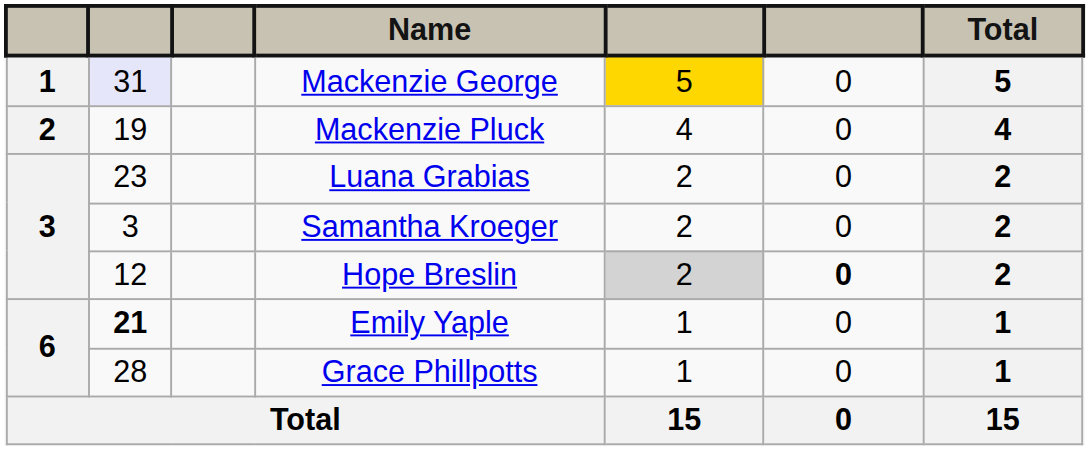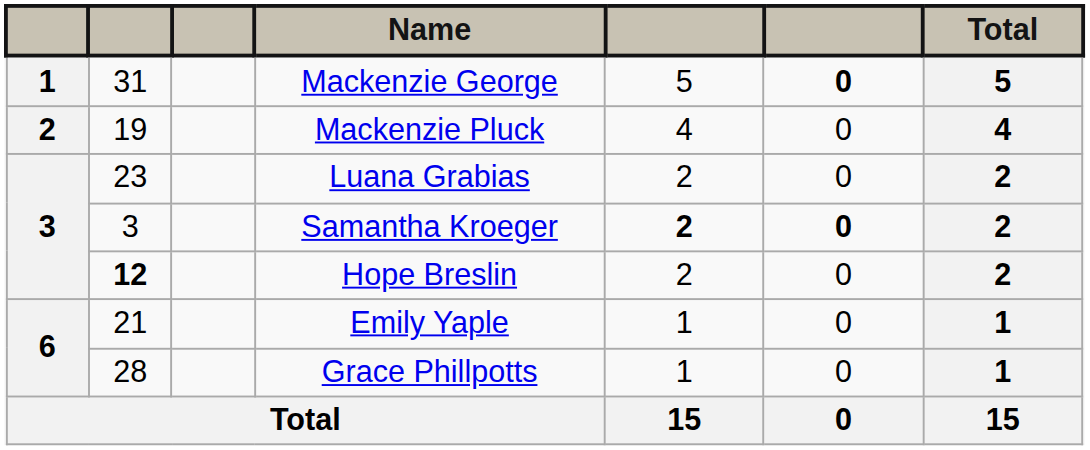 <table class="wikitable sortable" style="text-align:center;">
 <tr>
 <th style="background:#c8c2b3; color:#131314; border:2px solid #131314; width:35px;" scope="col"></th>
 <th style="background:#c8c2b3; color:#131314; border:2px solid #131314; width:35px;" scope="col"></th>
 <th style="background:#c8c2b3; color:#131314; border:2px solid #131314; width:35px;" scope="col"></th>
 <th style="background:#c8c2b3; color:#131314; border:2px solid #131314; width:175px;" scope="col">Name</th>
 <th style="background:#c8c2b3; color:#131314; border:2px solid #131314; width:75px;" scope="col"></th>
 <th style="background:#c8c2b3; color:#131314; border:2px solid #131314; width:75px;" scope="col"></th>
 <th style="background:#c8c2b3; color:#131314; border:2px solid #131314; width:75px;" scope="col">Total</th>
 </tr>
 <tr>
 <th>1</th>
-<td style="background: lavender;">31</td>
+<td>31</td>
 <td></td>
 <td><a href='#'>Mackenzie George</a></td>
-<td style="background: gold;">5</td>
-<td>0</td>
+<td>5</td>
+<td><strong>0</strong></td>
 <th>5</th>
 </tr>
 <tr>
 <th>2</th>
 <td>19</td>
 <td></td>
 <td><a href='#'>Mackenzie Pluck</a></td>
 <td>4</td>
 <td>0</td>
 <th>4</th>
 </tr>
 <tr>
 <th rowspan="3">3</th>
 <td>23</td>
 <td></td>
 <td><a href='#'>Luana Grabias</a></td>
 <td>2</td>
 <td>0</td>
 <th>2</th>
 </tr>
 <tr>
 <td>3</td>
 <td></td>
 <td><a href='#'>Samantha Kroeger</a></td>
+<td><strong>2</strong></td>
+<td><strong>0</strong></td>
+<th>2</th>
+</tr>
+<tr>
+<td><strong>12</strong></td>
+<td></td>
+<td><a href='#'>Hope Breslin</a></td>
 <td>2</td>
 <td>0</td>
 <th>2</th>
 </tr>
 <tr>
-<td>12</td>
-<td></td>
-<td><a href='#'>Hope Breslin</a></td>
-<td style="background: lightgrey;">2</td>
-<td><strong>0</strong></td>
-<th>2</th>
-</tr>
-<tr>
 <th rowspan="2">6</th>
-<td><strong>21</strong></td>
+<td>21</td>
 <td></td>
 <td><a href='#'>Emily Yaple</a></td>
 <td>1</td>
 <td>0</td>
 <th>1</th>
 </tr>
 <tr>
 <td>28</td>
 <td></td>
 <td><a href='#'>Grace Phillpotts</a></td>
 <td>1</td>
 <td>0</td>
 <th>1</th>
 </tr>
 <tr>
 <th colspan="4" scope="row">Total</th>
 <th>15</th>
 <th>0</th>
 <th>15</th>
 </tr>
 </table>
